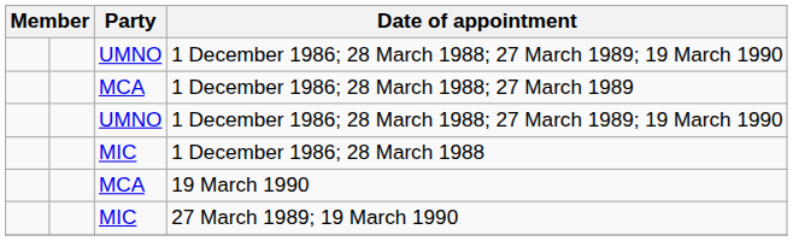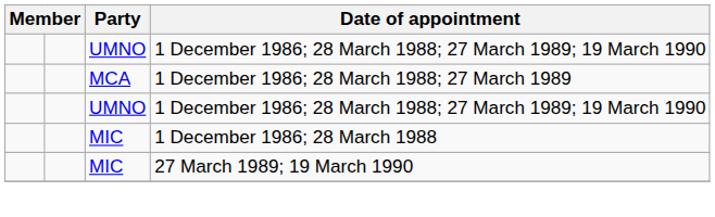 <table class="sortable wikitable">
 <tr>
 <th colspan="2" valign="top">Member</th>
 <th valign="top">Party</th>
 <th valign="top">Date of appointment</th>
 </tr>
 <tr>
 <td></td>
 <td></td>
 <td><a href='#'>UMNO</a></td>
 <td>1 December 1986; 28 March 1988; 27 March 1989; 19 March 1990</td>
 </tr>
 <tr>
 <td></td>
 <td></td>
 <td><a href='#'>MCA</a></td>
 <td>1 December 1986; 28 March 1988; 27 March 1989</td>
 </tr>
 <tr>
 <td></td>
 <td></td>
 <td><a href='#'>UMNO</a></td>
 <td>1 December 1986; 28 March 1988; 27 March 1989; 19 March 1990</td>
 </tr>
 <tr>
 <td></td>
 <td></td>
 <td><a href='#'>MIC</a></td>
 <td>1 December 1986; 28 March 1988</td>
 </tr>
 <tr>
 <td></td>
 <td></td>
-<td><a href='#'>MCA</a></td>
-<td>19 March 1990</td>
-</tr>
-<tr>
-<td></td>
-<td></td>
 <td><a href='#'>MIC</a></td>
 <td>27 March 1989; 19 March 1990</td>
 </tr>
 <tr>
 </tr>
 </table>
